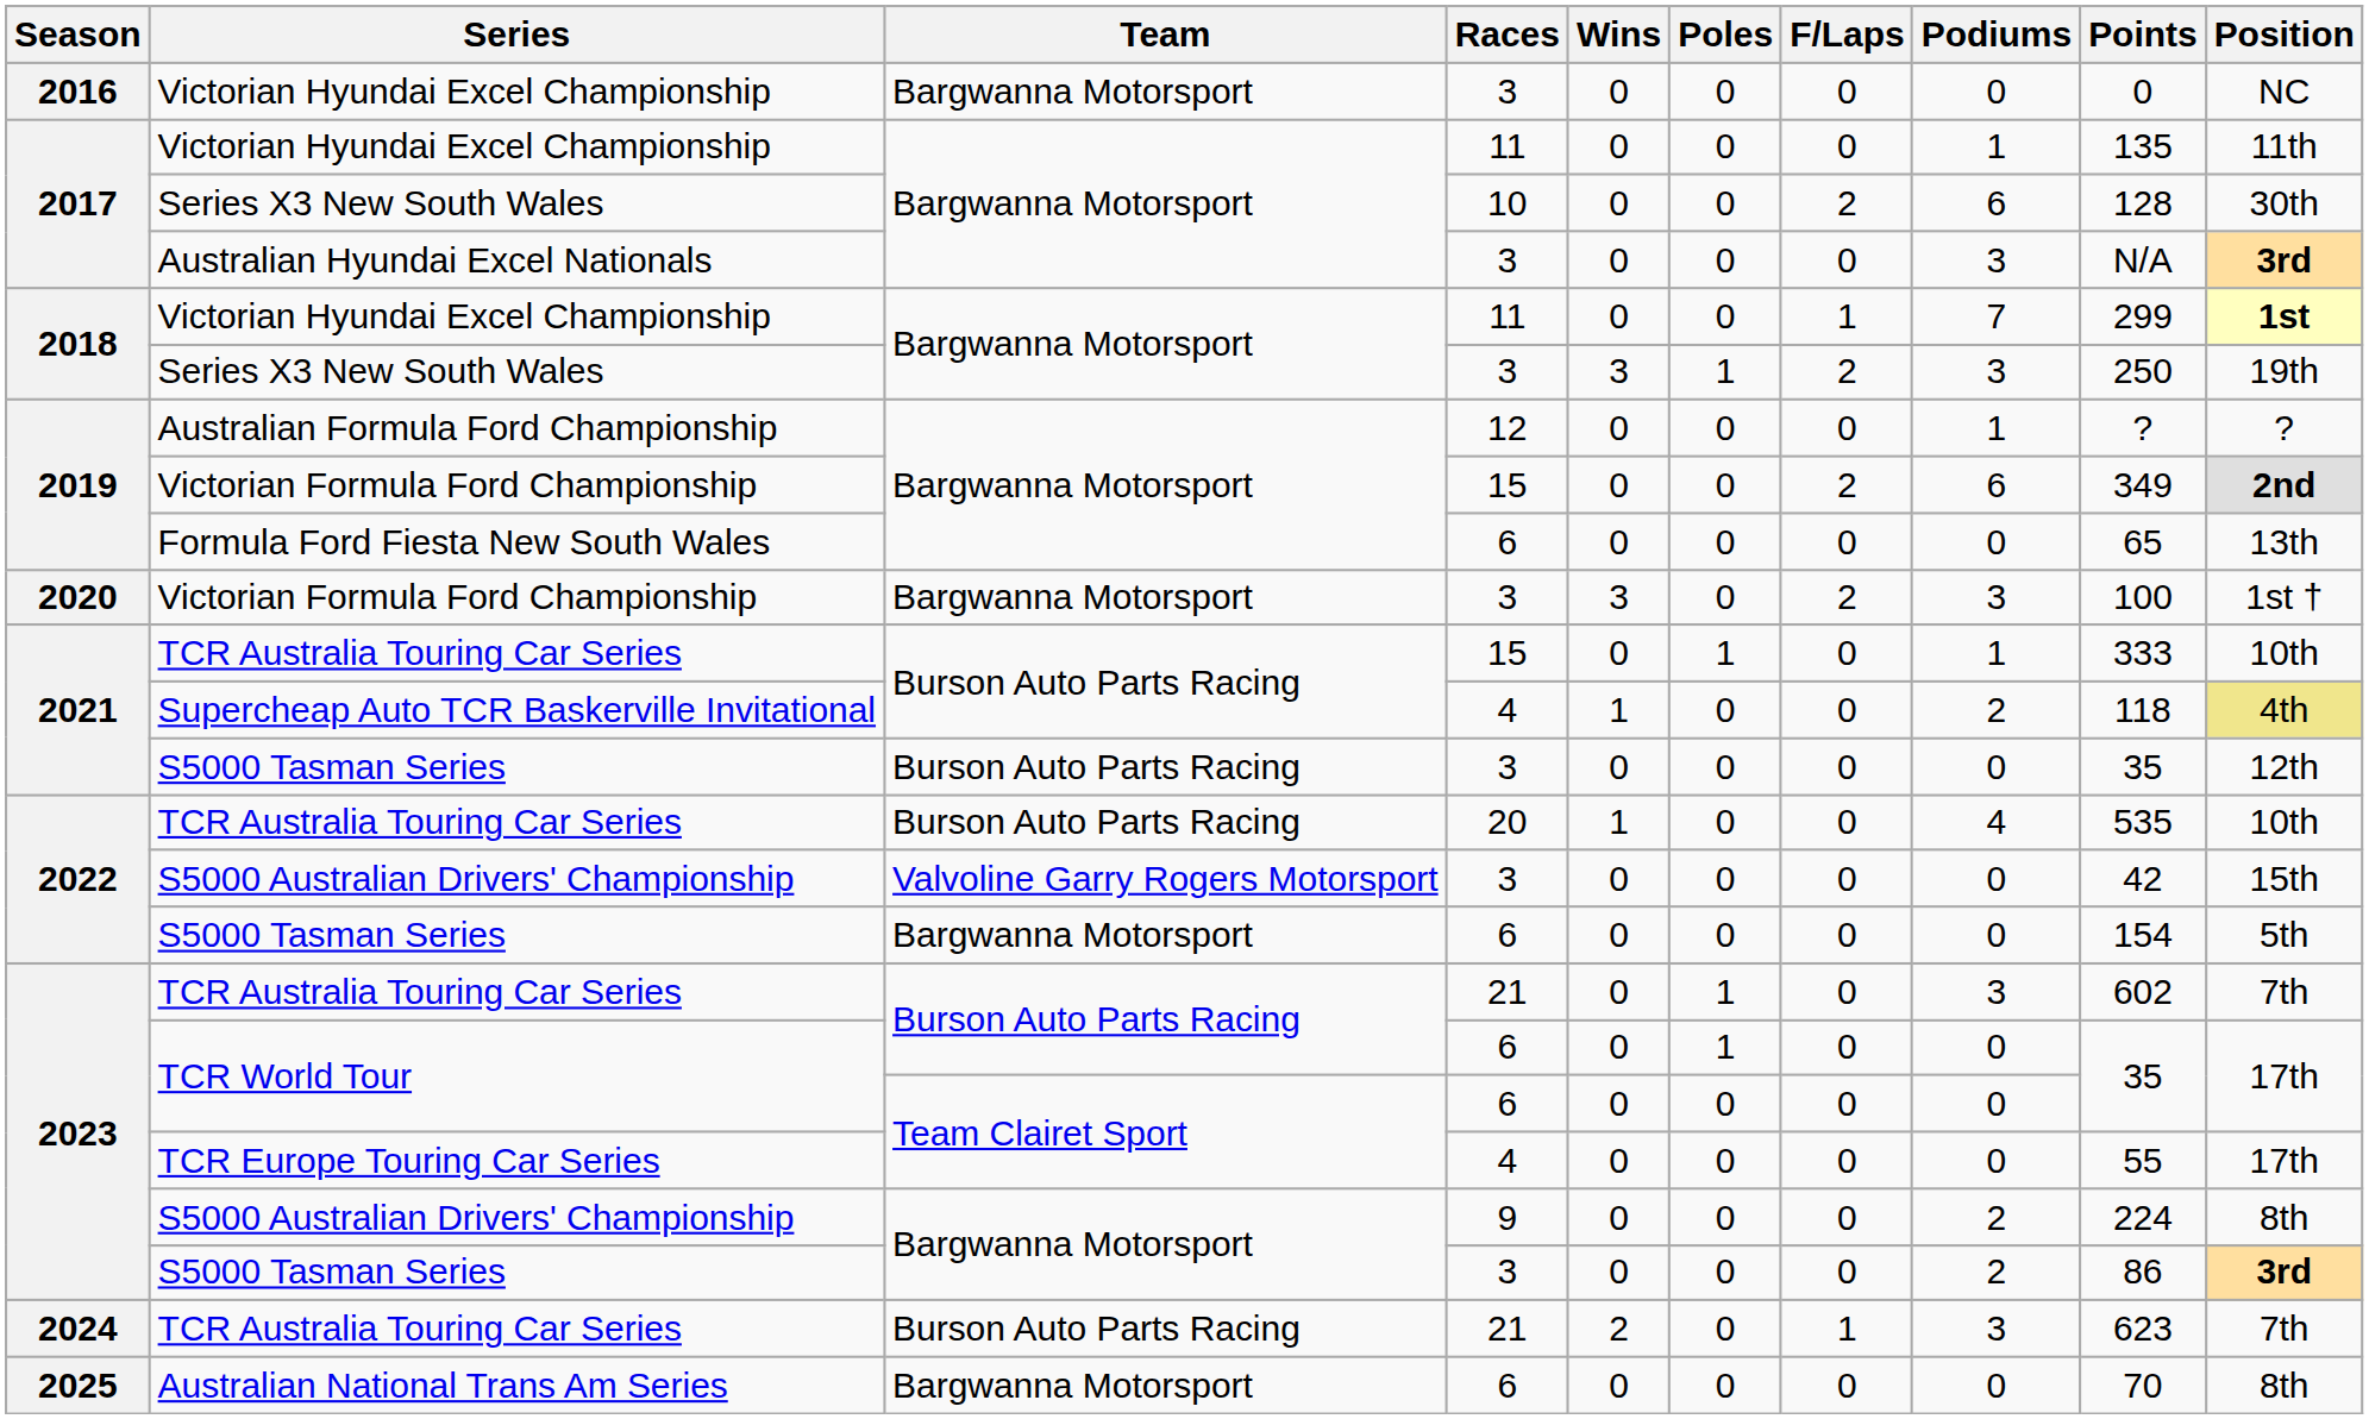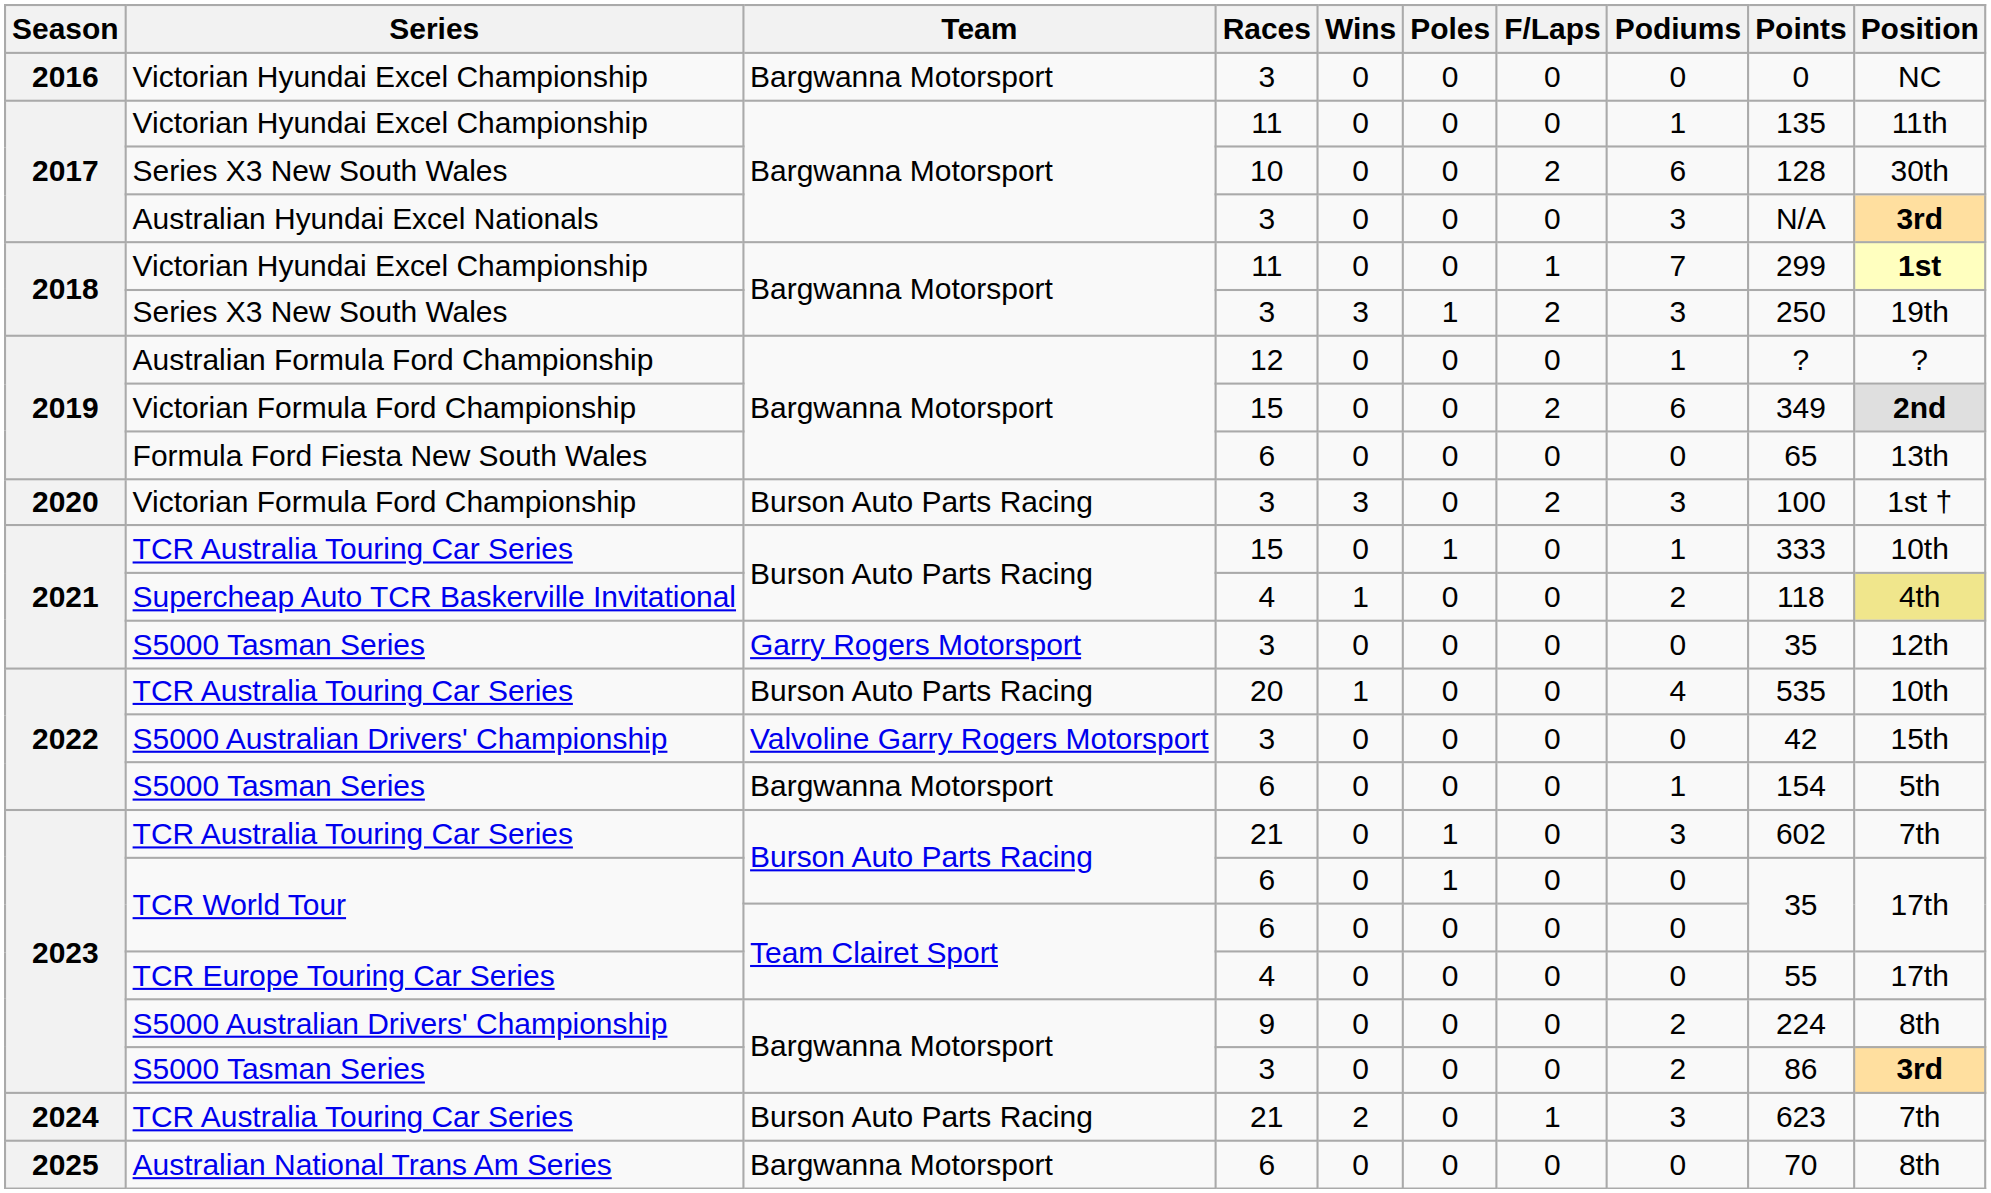 <table class="wikitable" style="font-size: 90%; text-align:center">
 <tr>
 <th>Season</th>
 <th>Series</th>
 <th>Team</th>
 <th>Races</th>
 <th>Wins</th>
 <th>Poles</th>
 <th>F/Laps</th>
 <th>Podiums</th>
 <th>Points</th>
 <th>Position</th>
 </tr>
 <tr>
 <th>2016</th>
 <td align=left>Victorian Hyundai Excel Championship</td>
 <td align=left>Bargwanna Motorsport</td>
 <td>3</td>
 <td>0</td>
 <td>0</td>
 <td>0</td>
 <td>0</td>
 <td>0</td>
 <td>NC</td>
 </tr>
 <tr>
 <th rowspan="3">2017</th>
 <td align=left>Victorian Hyundai Excel Championship</td>
 <td rowspan="3" align=left>Bargwanna Motorsport</td>
 <td>11</td>
 <td>0</td>
 <td>0</td>
 <td>0</td>
 <td>1</td>
 <td>135</td>
 <td>11th</td>
 </tr>
 <tr>
 <td align=left>Series X3 New South Wales</td>
 <td>10</td>
 <td>0</td>
 <td>0</td>
 <td>2</td>
 <td>6</td>
 <td>128</td>
 <td>30th</td>
 </tr>
 <tr>
 <td align=left>Australian Hyundai Excel Nationals</td>
 <td>3</td>
 <td>0</td>
 <td>0</td>
 <td>0</td>
 <td>3</td>
 <td>N/A</td>
 <td style=background:#ffdf9f><strong>3rd</strong></td>
 </tr>
 <tr>
 <th rowspan="2">2018</th>
 <td align=left>Victorian Hyundai Excel Championship</td>
 <td rowspan="2" align=left>Bargwanna Motorsport</td>
 <td>11</td>
 <td>0</td>
 <td>0</td>
 <td>1</td>
 <td>7</td>
 <td>299</td>
 <td style=background:#ffffbf><strong>1st</strong></td>
 </tr>
 <tr>
 <td align=left>Series X3 New South Wales</td>
 <td>3</td>
 <td>3</td>
 <td>1</td>
 <td>2</td>
 <td>3</td>
 <td>250</td>
 <td>19th</td>
 </tr>
 <tr>
 <th rowspan="3">2019</th>
 <td align=left>Australian Formula Ford Championship</td>
 <td rowspan="3" align=left>Bargwanna Motorsport</td>
 <td>12</td>
 <td>0</td>
 <td>0</td>
 <td>0</td>
 <td>1</td>
 <td>?</td>
 <td>?</td>
 </tr>
 <tr>
 <td align=left>Victorian Formula Ford Championship</td>
 <td>15</td>
 <td>0</td>
 <td>0</td>
 <td>2</td>
 <td>6</td>
 <td>349</td>
 <td style=background:#dfdfdf><strong>2nd</strong></td>
 </tr>
 <tr>
 <td align=left>Formula Ford Fiesta New South Wales</td>
 <td>6</td>
 <td>0</td>
 <td>0</td>
 <td>0</td>
 <td>0</td>
 <td>65</td>
 <td>13th</td>
 </tr>
 <tr>
 <th>2020</th>
 <td align=left>Victorian Formula Ford Championship</td>
-<td align=left>Bargwanna Motorsport</td>
+<td align=left>Burson Auto Parts Racing</td>
 <td>3</td>
 <td>3</td>
 <td>0</td>
 <td>2</td>
 <td>3</td>
 <td>100</td>
 <td>1st †</td>
 </tr>
 <tr>
 <th rowspan="3">2021</th>
 <td align=left><a href='#'>TCR Australia Touring Car Series</a></td>
 <td rowspan="2" align=left>Burson Auto Parts Racing</td>
 <td>15</td>
 <td>0</td>
 <td>1</td>
 <td>0</td>
 <td>1</td>
 <td>333</td>
 <td>10th</td>
 </tr>
 <tr>
 <td align=left><a href='#'>Supercheap Auto TCR Baskerville Invitational</a></td>
 <td>4</td>
 <td>1</td>
 <td>0</td>
 <td>0</td>
 <td>2</td>
 <td>118</td>
 <td style="background: khaki;">4th</td>
 </tr>
 <tr>
 <td align=left><a href='#'>S5000 Tasman Series</a></td>
-<td align=left>Burson Auto Parts Racing</td>
+<td align=left><a href='#'>Garry Rogers Motorsport</a></td>
 <td>3</td>
 <td>0</td>
 <td>0</td>
 <td>0</td>
 <td>0</td>
 <td>35</td>
 <td>12th</td>
 </tr>
 <tr>
 <th rowspan="3">2022</th>
 <td align=left><a href='#'>TCR Australia Touring Car Series</a></td>
 <td align=left>Burson Auto Parts Racing</td>
 <td>20</td>
 <td>1</td>
 <td>0</td>
 <td>0</td>
 <td>4</td>
 <td>535</td>
 <td>10th</td>
 </tr>
 <tr>
 <td align=left><a href='#'>S5000 Australian Drivers' Championship</a></td>
 <td align=left><a href='#'>Valvoline Garry Rogers Motorsport</a></td>
 <td>3</td>
 <td>0</td>
 <td>0</td>
 <td>0</td>
 <td>0</td>
 <td>42</td>
 <td>15th</td>
 </tr>
 <tr>
 <td align=left><a href='#'>S5000 Tasman Series</a></td>
 <td align=left>Bargwanna Motorsport</td>
 <td>6</td>
 <td>0</td>
 <td>0</td>
 <td>0</td>
-<td>0</td>
+<td>1</td>
 <td>154</td>
 <td>5th</td>
 </tr>
 <tr>
 <th rowspan="6">2023</th>
 <td align=left><a href='#'>TCR Australia Touring Car Series</a></td>
 <td rowspan=2 align="left"><a href='#'>Burson Auto Parts Racing</a></td>
 <td>21</td>
 <td>0</td>
 <td>1</td>
 <td>0</td>
 <td>3</td>
 <td>602</td>
 <td>7th</td>
 </tr>
 <tr>
 <td rowspan="2" align="left"><a href='#'>TCR World Tour</a></td>
 <td>6</td>
 <td>0</td>
 <td>1</td>
 <td>0</td>
 <td>0</td>
 <td rowspan="2">35</td>
 <td rowspan="2">17th</td>
 </tr>
 <tr>
 <td rowspan="2" align="left"><a href='#'>Team Clairet Sport</a></td>
 <td>6</td>
 <td>0</td>
 <td>0</td>
 <td>0</td>
 <td>0</td>
 </tr>
 <tr>
 <td align=left><a href='#'>TCR Europe Touring Car Series</a></td>
 <td>4</td>
 <td>0</td>
 <td>0</td>
 <td>0</td>
 <td>0</td>
 <td>55</td>
 <td>17th</td>
 </tr>
 <tr>
 <td align=left><a href='#'>S5000 Australian Drivers' Championship</a></td>
 <td rowspan=2 align=left>Bargwanna Motorsport</td>
 <td>9</td>
 <td>0</td>
 <td>0</td>
 <td>0</td>
 <td>2</td>
 <td>224</td>
 <td>8th</td>
 </tr>
 <tr>
 <td align=left><a href='#'>S5000 Tasman Series</a></td>
 <td>3</td>
 <td>0</td>
 <td>0</td>
 <td>0</td>
 <td>2</td>
 <td>86</td>
 <td style="background:#ffdf9f"><strong>3rd</strong></td>
 </tr>
 <tr>
 <th>2024</th>
 <td align=left><a href='#'>TCR Australia Touring Car Series</a></td>
 <td align=left>Burson Auto Parts Racing</td>
 <td>21</td>
 <td>2</td>
 <td>0</td>
 <td>1</td>
 <td>3</td>
 <td>623</td>
 <td>7th</td>
 </tr>
 <tr>
 <th>2025</th>
 <td align=left><a href='#'>Australian National Trans Am Series</a></td>
 <td align=left>Bargwanna Motorsport</td>
 <td>6</td>
 <td>0</td>
 <td>0</td>
 <td>0</td>
 <td>0</td>
 <td>70</td>
 <td>8th</td>
 </tr>
 </table>
